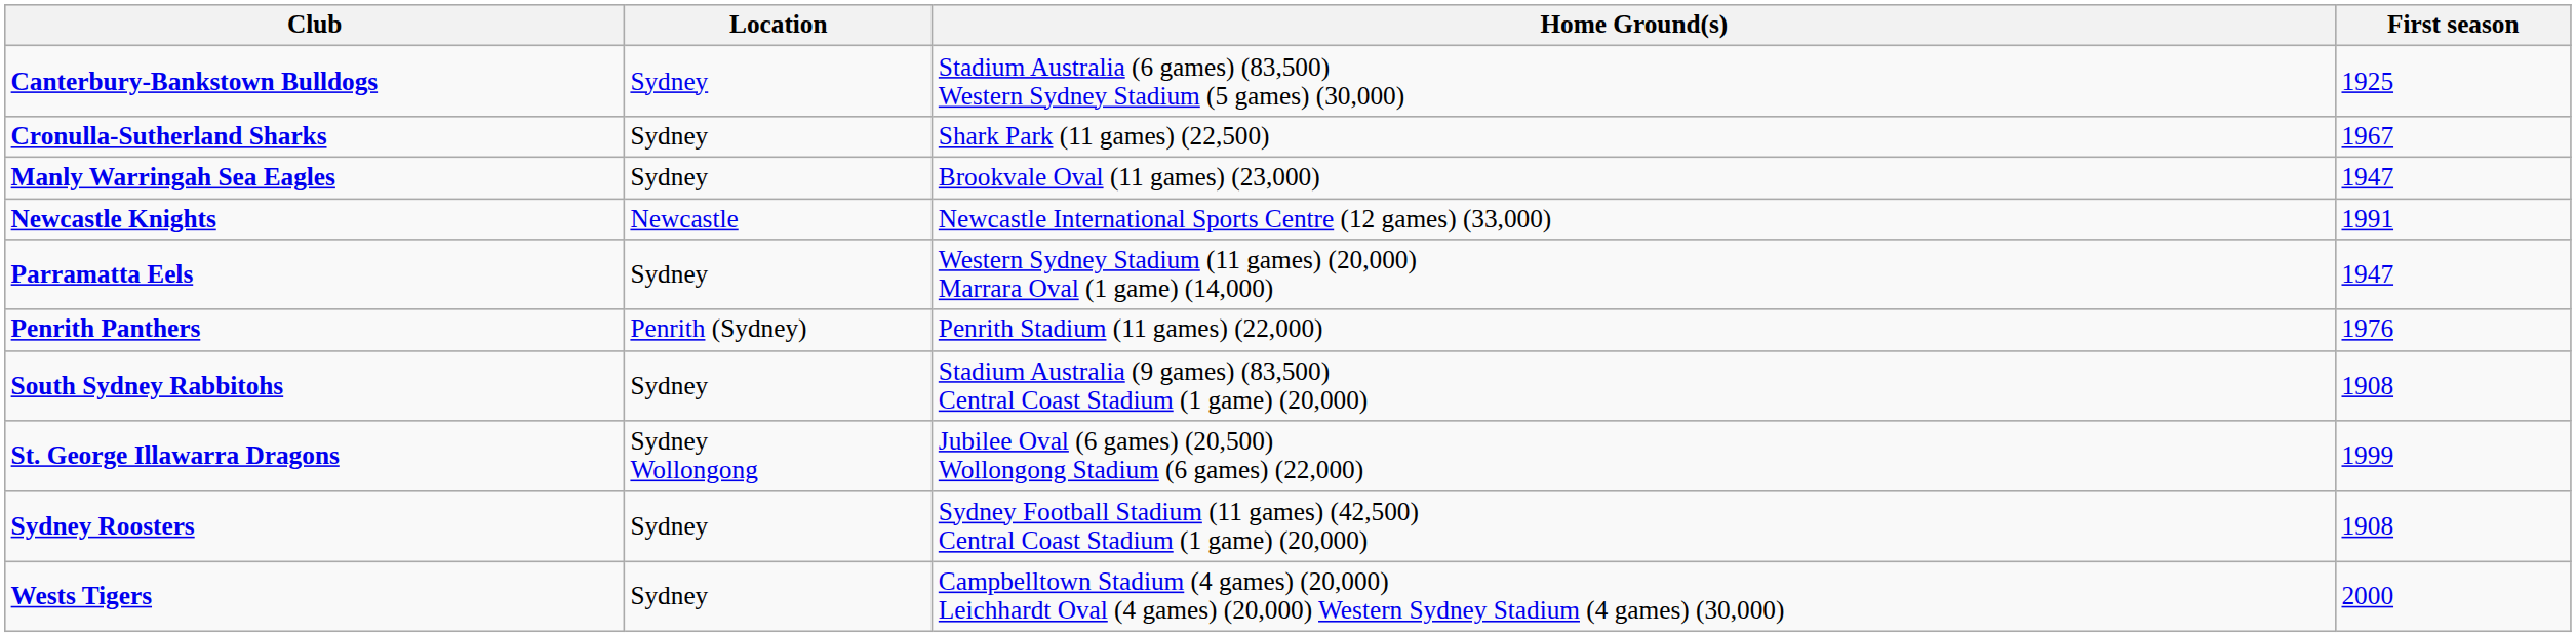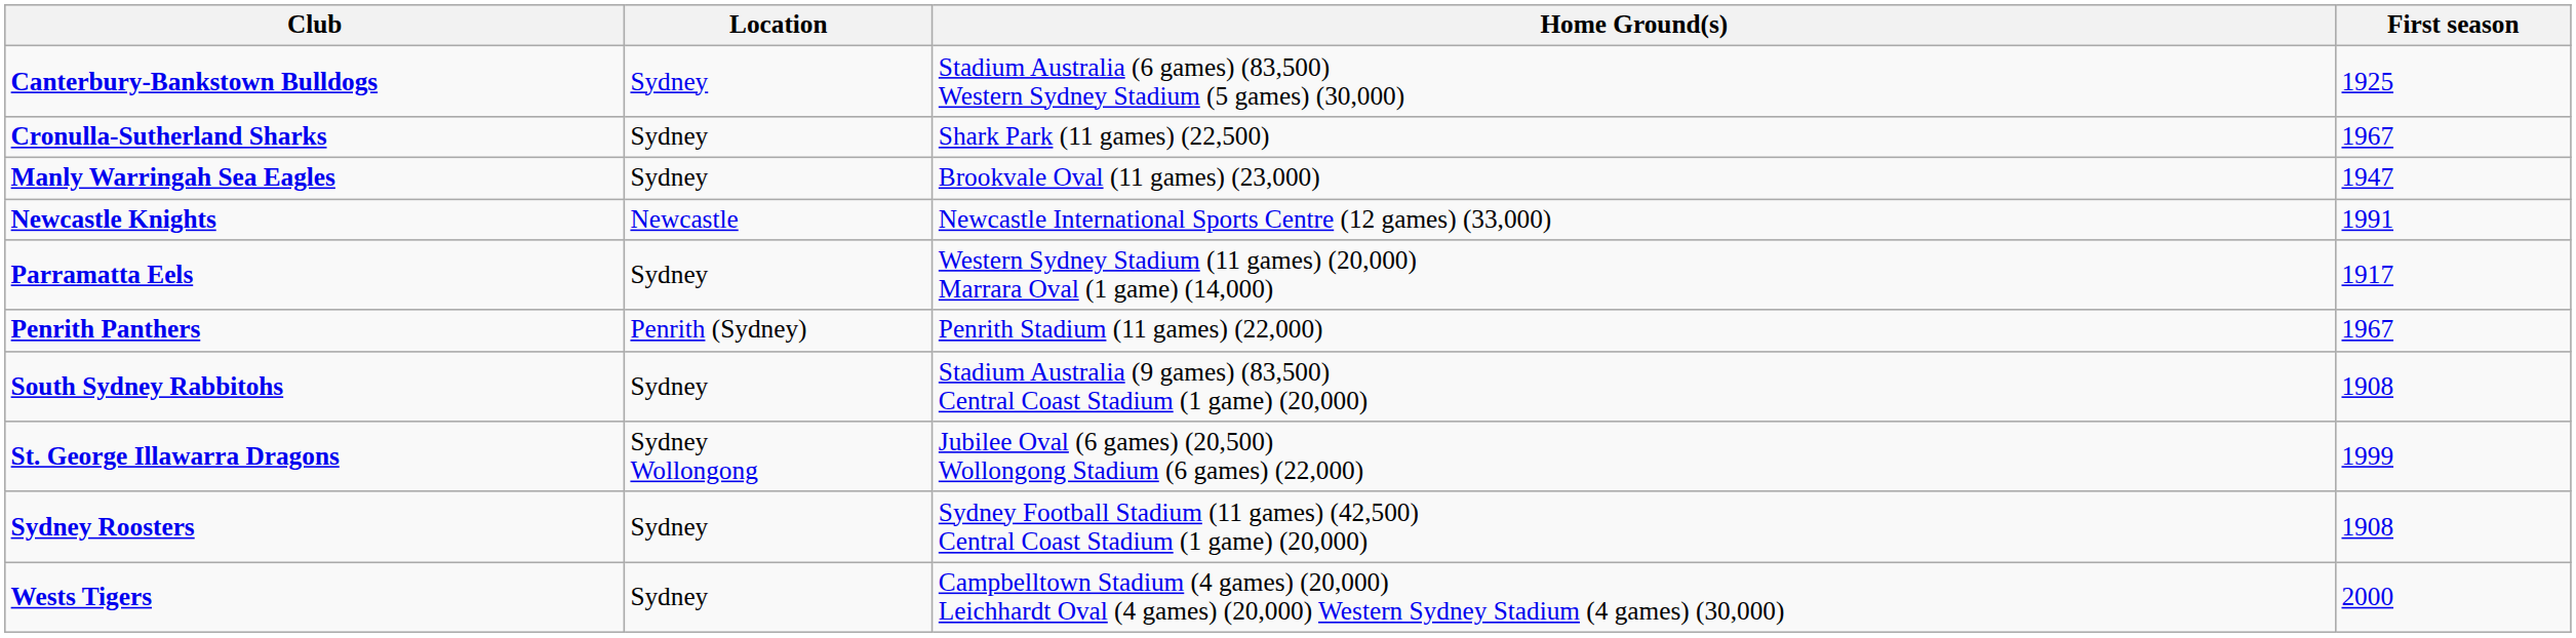 <table class="wikitable sortable" style="width:100%;">
 <tr>
 <th>Club</th>
 <th>Location</th>
 <th>Home Ground(s)</th>
 <th>First season</th>
 </tr>
 <tr>
 <td> <strong><a href='#'>Canterbury-Bankstown Bulldogs</a></strong></td>
 <td><a href='#'>Sydney</a></td>
 <td><a href='#'>Stadium Australia</a> (6 games) (83,500)<br><a href='#'>Western Sydney Stadium</a> (5 games) (30,000)</td>
 <td><a href='#'>1925</a></td>
 </tr>
 <tr>
 <td> <strong><a href='#'>Cronulla-Sutherland Sharks</a></strong></td>
 <td>Sydney</td>
 <td><a href='#'>Shark Park</a> (11 games) (22,500)</td>
 <td><a href='#'>1967</a></td>
 </tr>
 <tr>
 <td> <strong><a href='#'>Manly Warringah Sea Eagles</a></strong></td>
 <td>Sydney</td>
 <td><a href='#'>Brookvale Oval</a> (11 games) (23,000)</td>
 <td><a href='#'>1947</a></td>
 </tr>
 <tr>
 <td> <strong><a href='#'>Newcastle Knights</a></strong></td>
 <td><a href='#'>Newcastle</a></td>
 <td><a href='#'>Newcastle International Sports Centre</a> (12 games) (33,000)</td>
 <td><a href='#'>1991</a></td>
 </tr>
 <tr>
 <td> <strong><a href='#'>Parramatta Eels</a></strong></td>
 <td>Sydney</td>
 <td><a href='#'>Western Sydney Stadium</a> (11 games) (20,000)<br><a href='#'>Marrara Oval</a> (1 game) (14,000)</td>
-<td><a href='#'>1947</a></td>
+<td><a href='#'>1917</a></td>
 </tr>
 <tr>
 <td> <strong><a href='#'>Penrith Panthers</a></strong></td>
 <td><a href='#'>Penrith</a> (Sydney)</td>
 <td><a href='#'>Penrith Stadium</a> (11 games) (22,000)</td>
-<td><a href='#'>1976</a></td>
+<td><a href='#'>1967</a></td>
 </tr>
 <tr>
 <td> <strong><a href='#'>South Sydney Rabbitohs</a></strong></td>
 <td>Sydney</td>
 <td><a href='#'>Stadium Australia</a> (9 games) (83,500)<br><a href='#'>Central Coast Stadium</a> (1 game) (20,000)</td>
 <td><a href='#'>1908</a></td>
 </tr>
 <tr>
 <td> <strong><a href='#'>St. George Illawarra Dragons</a></strong></td>
 <td>Sydney<br><a href='#'>Wollongong</a></td>
 <td><a href='#'>Jubilee Oval</a> (6 games) (20,500)<br><a href='#'>Wollongong Stadium</a> (6 games) (22,000)</td>
 <td><a href='#'>1999</a></td>
 </tr>
 <tr>
 <td> <strong><a href='#'>Sydney Roosters</a></strong></td>
 <td>Sydney</td>
 <td><a href='#'>Sydney Football Stadium</a> (11 games) (42,500)<br><a href='#'>Central Coast Stadium</a> (1 game) (20,000)</td>
 <td><a href='#'>1908</a></td>
 </tr>
 <tr>
 <td> <strong><a href='#'>Wests Tigers</a></strong></td>
 <td>Sydney</td>
 <td><a href='#'>Campbelltown Stadium</a> (4 games) (20,000)<br><a href='#'>Leichhardt Oval</a> (4 games) (20,000) <a href='#'>Western Sydney Stadium</a> (4 games) (30,000)</td>
 <td><a href='#'>2000</a></td>
 </tr>
 </table>
